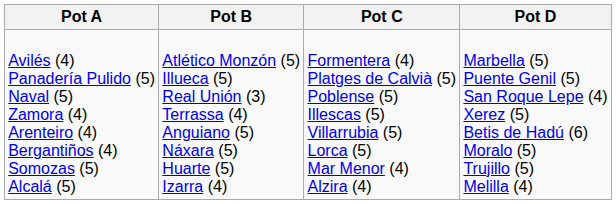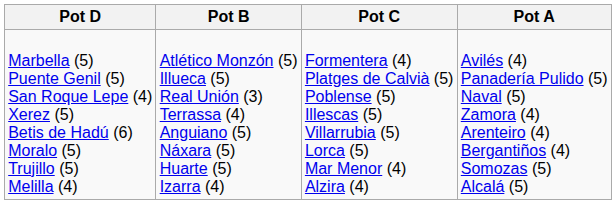 <table class="wikitable">
 <tr>
-<th>Pot A</th>
+<th>Pot D</th>
 <th>Pot B</th>
 <th>Pot C</th>
-<th>Pot D</th>
+<th>Pot A</th>
 </tr>
 <tr style="vertical-align:top">
-<td><br> <a href='#'>Avilés</a> (4)<br>  <a href='#'>Panadería Pulido</a> (5)<br>  <a href='#'>Naval</a> (5)<br>  <a href='#'>Zamora</a> (4)<br>  <a href='#'>Arenteiro</a> (4)<br>  <a href='#'>Bergantiños</a> (4)<br>  <a href='#'>Somozas</a> (5)<br>  <a href='#'>Alcalá</a> (5)</td>
+<td><br> <a href='#'>Marbella</a> (5)<br>  <a href='#'>Puente Genil</a> (5)<br>  <a href='#'>San Roque Lepe</a> (4)<br>  <a href='#'>Xerez</a> (5)<br>  <a href='#'>Betis de Hadú</a> (6)<br>  <a href='#'>Moralo</a> (5)<br>  <a href='#'>Trujillo</a> (5)<br>  <a href='#'>Melilla</a> (4)</td>
 <td><br> <a href='#'>Atlético Monzón</a> (5)<br>  <a href='#'>Illueca</a> (5)<br>  <a href='#'>Real Unión</a> (3)<br>  <a href='#'>Terrassa</a> (4)<br>  <a href='#'>Anguiano</a> (5)<br>  <a href='#'>Náxara</a> (5)<br>  <a href='#'>Huarte</a> (5)<br>  <a href='#'>Izarra</a> (4)</td>
 <td><br> <a href='#'>Formentera</a> (4)<br>  <a href='#'>Platges de Calvià</a> (5)<br>  <a href='#'>Poblense</a> (5)<br>  <a href='#'>Illescas</a> (5)<br>  <a href='#'>Villarrubia</a> (5)<br>  <a href='#'>Lorca</a> (5)<br>  <a href='#'>Mar Menor</a> (4)<br>  <a href='#'>Alzira</a> (4)</td>
-<td><br> <a href='#'>Marbella</a> (5)<br>  <a href='#'>Puente Genil</a> (5)<br>  <a href='#'>San Roque Lepe</a> (4)<br>  <a href='#'>Xerez</a> (5)<br>  <a href='#'>Betis de Hadú</a> (6)<br>  <a href='#'>Moralo</a> (5)<br>  <a href='#'>Trujillo</a> (5)<br>  <a href='#'>Melilla</a> (4)</td>
+<td><br> <a href='#'>Avilés</a> (4)<br>  <a href='#'>Panadería Pulido</a> (5)<br>  <a href='#'>Naval</a> (5)<br>  <a href='#'>Zamora</a> (4)<br>  <a href='#'>Arenteiro</a> (4)<br>  <a href='#'>Bergantiños</a> (4)<br>  <a href='#'>Somozas</a> (5)<br>  <a href='#'>Alcalá</a> (5)</td>
 </tr>
 </table>
